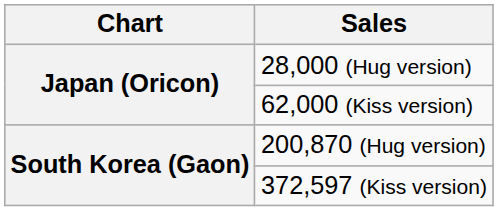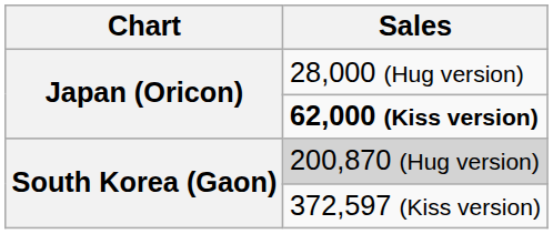 <table class="wikitable plainrowheaders">
 <tr>
 <th scope="col">Chart</th>
 <th scope="col">Sales</th>
 </tr>
 <tr>
 <th scope="row" rowspan="2">Japan (Oricon)</th>
 <td style="text=align:center">28,000 <small>(Hug version)</small></td>
 </tr>
 <tr>
-<td style="text=align:center">62,000 <small>(Kiss version)</small></td>
+<td style="text=align:center"><strong>62,000 <small>(Kiss version)</small></strong></td>
 </tr>
 <tr>
 <th scope="row"  rowspan="2">South Korea (Gaon)</th>
-<td style="text=align:center">200,870 <small>(Hug version)</small></td>
+<td style="background: lightgrey; text=align:center">200,870 <small>(Hug version)</small></td>
 </tr>
 <tr>
 <td style="text=align:center">372,597 <small>(Kiss version)</small></td>
 </tr>
 </table>
